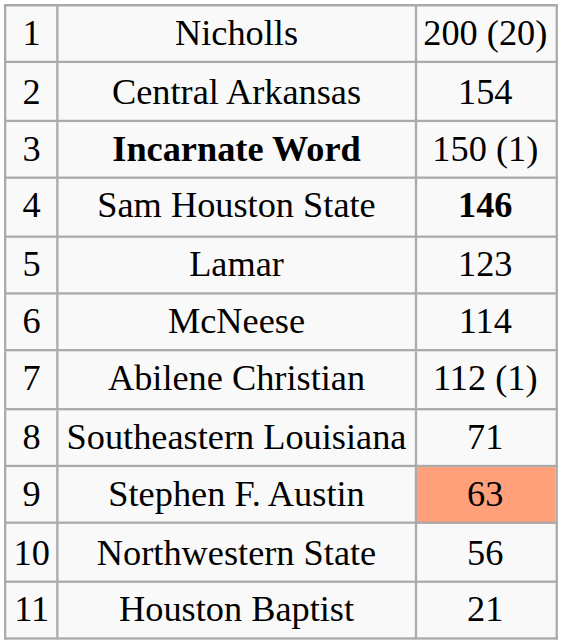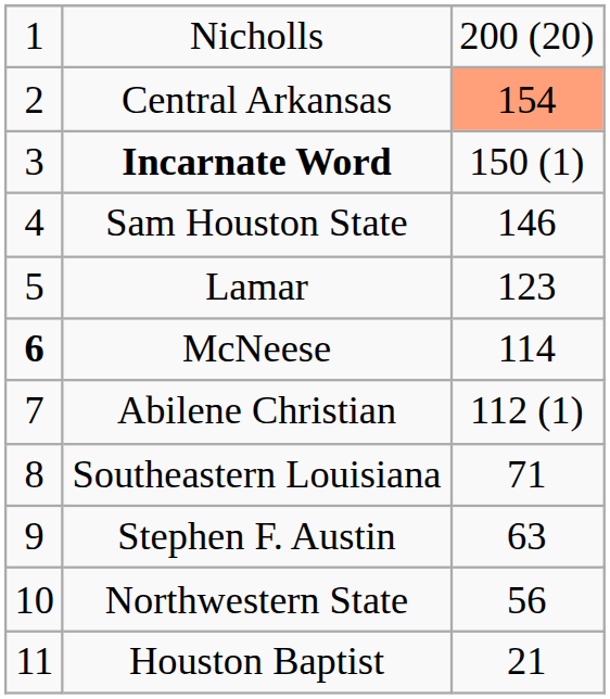 <table class="wikitable">
 <tr align="center">
 </tr>
 <tr align="center">
 <td>1</td>
 <td>Nicholls</td>
 <td>200 (20)</td>
 </tr>
 <tr align="center">
 <td>2</td>
 <td>Central Arkansas</td>
-<td>154</td>
+<td style="background: lightsalmon;">154</td>
 </tr>
 <tr align="center">
 <td>3</td>
 <td><strong>Incarnate Word</strong></td>
 <td>150 (1)</td>
 </tr>
 <tr align="center">
 <td>4</td>
 <td>Sam Houston State</td>
-<td><strong>146</strong></td>
+<td>146</td>
 </tr>
 <tr align="center">
 <td>5</td>
 <td>Lamar</td>
 <td>123</td>
 </tr>
 <tr align="center">
-<td>6</td>
+<td><strong>6</strong></td>
 <td>McNeese</td>
 <td>114</td>
 </tr>
 <tr align="center">
 <td>7</td>
 <td>Abilene Christian</td>
 <td>112 (1)</td>
 </tr>
 <tr align="center">
 <td>8</td>
 <td>Southeastern Louisiana</td>
 <td>71</td>
 </tr>
 <tr align="center">
 <td>9</td>
 <td>Stephen F. Austin</td>
-<td style="background: lightsalmon;">63</td>
+<td>63</td>
 </tr>
 <tr align="center">
 <td>10</td>
 <td>Northwestern State</td>
 <td>56</td>
 </tr>
 <tr align="center">
 <td>11</td>
 <td>Houston Baptist</td>
 <td>21</td>
 </tr>
 </table>
